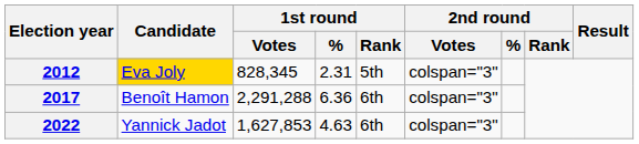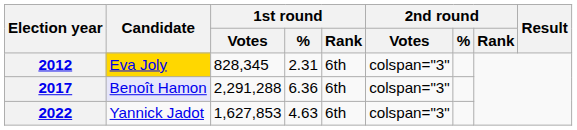 <table class=wikitable>
 <tr>
 <th rowspan=2>Election year</th>
 <th rowspan=2>Candidate</th>
 <th colspan="3">1st round</th>
 <th colspan="3">2nd round</th>
 <th rowspan="2">Result</th>
 </tr>
 <tr>
 <th>Votes</th>
 <th>%</th>
 <th>Rank</th>
 <th>Votes</th>
 <th>%</th>
 <th>Rank</th>
 </tr>
 <tr>
 <th><a href='#'>2012</a></th>
 <td style="background: gold;"><a href='#'>Eva Joly</a></td>
 <td>828,345</td>
 <td>2.31</td>
-<td> 5th</td>
+<td> 6th</td>
 <td>colspan="3" </td>
 <td></td>
 </tr>
 <tr>
 <th><a href='#'>2017</a></th>
-<td><a href='#'>Benoît Hamon</a></td>
+<td style="background: lavender;"><a href='#'>Benoît Hamon</a></td>
 <td>2,291,288</td>
 <td>6.36</td>
 <td> 6th</td>
 <td>colspan="3" </td>
 <td></td>
 </tr>
 <tr>
 <th><a href='#'>2022</a></th>
 <td><a href='#'>Yannick Jadot</a></td>
 <td>1,627,853</td>
 <td>4.63</td>
 <td> 6th</td>
 <td>colspan="3" </td>
 <td></td>
 </tr>
 </table>
